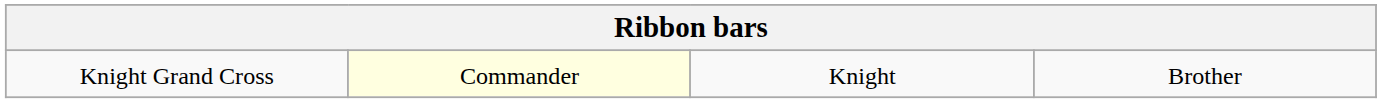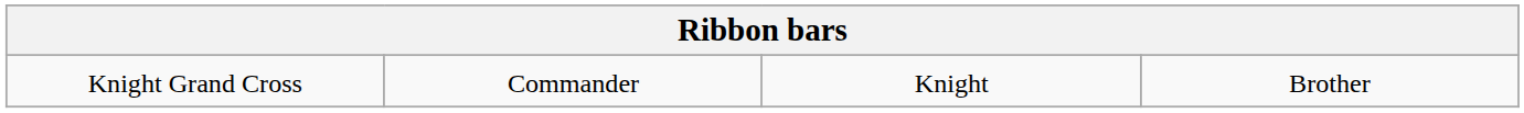 <table align=center class=wikitable width=60% style="margin: 1em auto;">
 <tr>
 <th colspan=4>Ribbon bars</th>
 </tr>
 <tr>
 <td width=20% valign=top align=center><small>Knight Grand Cross</small></td>
-<td width=20% valign=top align=center style="background: lightyellow;"><small>Commander</small></td>
+<td width=20% valign=top align=center><small>Commander</small></td>
 <td width=20% valign=top align=center><small>Knight</small></td>
 <td width=20% valign=top align=center><small>Brother</small></td>
 </tr>
 </table>
